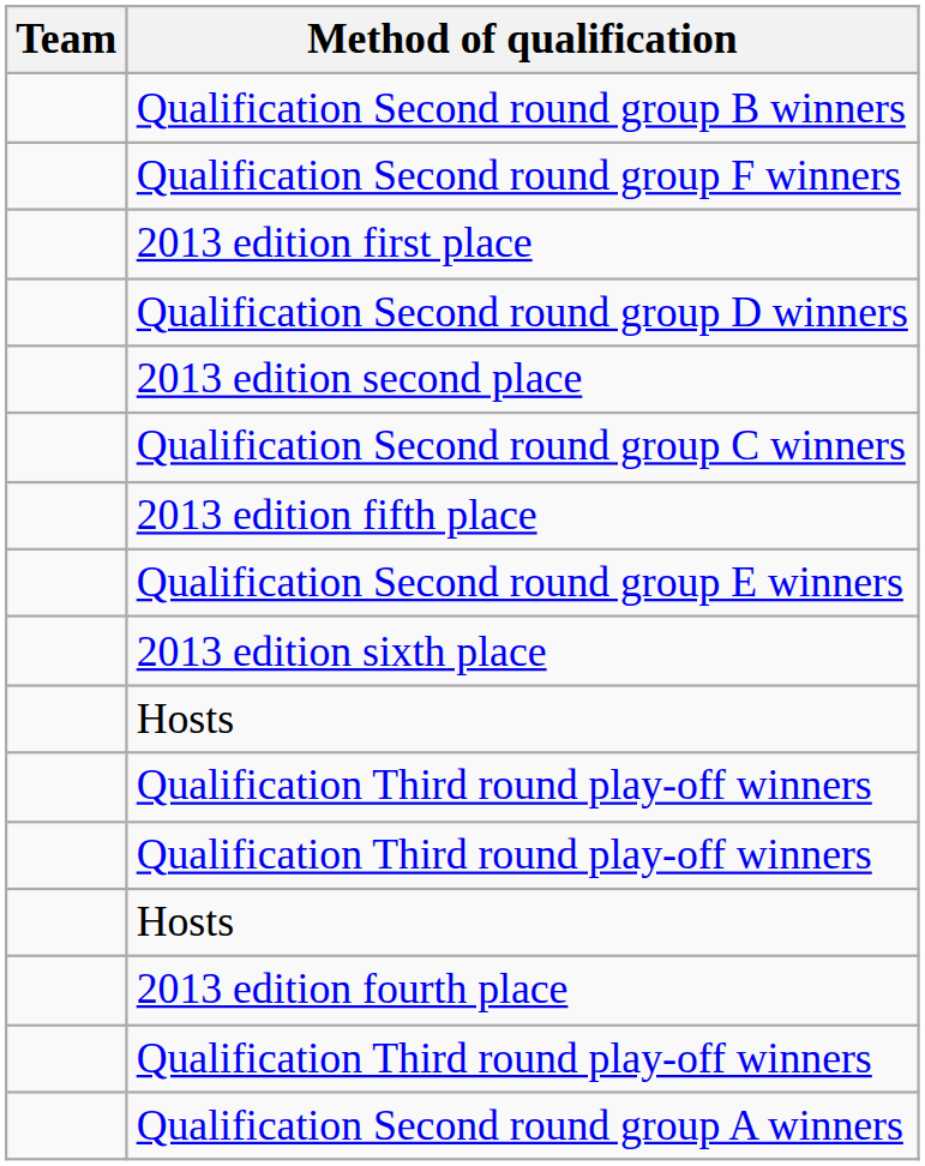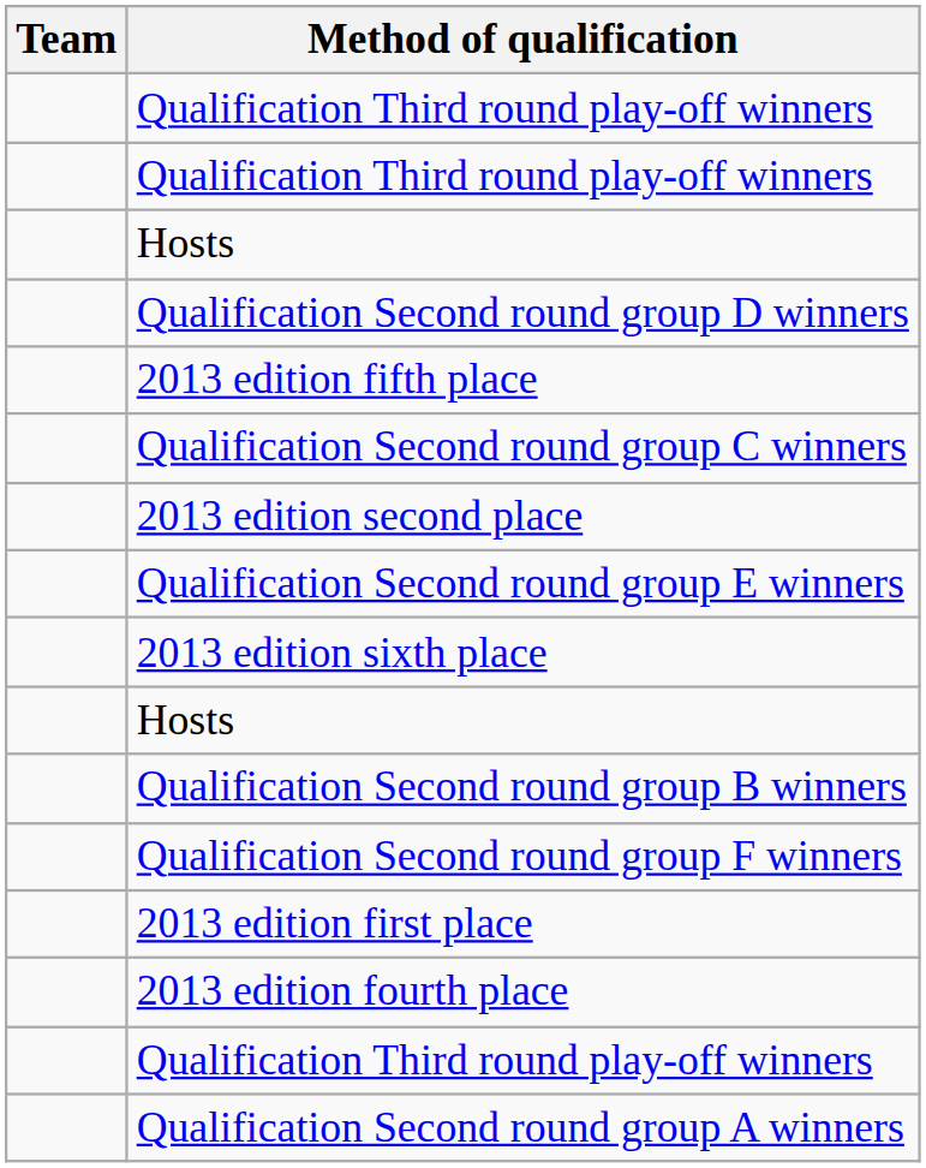 <table class="wikitable">
 <tr>
 <th>Team</th>
 <th>Method of qualification</th>
+</tr>
+<tr>
+<td></td>
+<td><a href='#'>Qualification Third round play-off winners</a></td>
+</tr>
+<tr>
+<td></td>
+<td><a href='#'>Qualification Third round play-off winners</a></td>
+</tr>
+<tr>
+<td></td>
+<td>Hosts</td>
+</tr>
+<tr>
+<td></td>
+<td><a href='#'>Qualification Second round group D winners</a></td>
+</tr>
+<tr>
+<td></td>
+<td><a href='#'>2013 edition fifth place</a></td>
+</tr>
+<tr>
+<td></td>
+<td><a href='#'>Qualification Second round group C winners</a></td>
+</tr>
+<tr>
+<td></td>
+<td><a href='#'>2013 edition second place</a></td>
+</tr>
+<tr>
+<td></td>
+<td><a href='#'>Qualification Second round group E winners</a></td>
+</tr>
+<tr>
+<td></td>
+<td><a href='#'>2013 edition sixth place</a></td>
+</tr>
+<tr>
+<td></td>
+<td>Hosts</td>
 </tr>
 <tr>
 <td></td>
 <td><a href='#'>Qualification Second round group B winners</a></td>
 </tr>
 <tr>
 <td></td>
 <td><a href='#'>Qualification Second round group F winners</a></td>
 </tr>
 <tr>
 <td></td>
 <td><a href='#'>2013 edition first place</a></td>
 </tr>
 <tr>
 <td></td>
-<td><a href='#'>Qualification Second round group D winners</a></td>
-</tr>
-<tr>
-<td></td>
-<td><a href='#'>2013 edition second place</a></td>
-</tr>
-<tr>
-<td></td>
-<td><a href='#'>Qualification Second round group C winners</a></td>
-</tr>
-<tr>
-<td></td>
-<td><a href='#'>2013 edition fifth place</a></td>
-</tr>
-<tr>
-<td></td>
-<td><a href='#'>Qualification Second round group E winners</a></td>
-</tr>
-<tr>
-<td></td>
-<td><a href='#'>2013 edition sixth place</a></td>
-</tr>
-<tr>
-<td></td>
-<td>Hosts</td>
-</tr>
-<tr>
-<td></td>
-<td><a href='#'>Qualification Third round play-off winners</a></td>
-</tr>
-<tr>
-<td></td>
-<td><a href='#'>Qualification Third round play-off winners</a></td>
-</tr>
-<tr>
-<td></td>
-<td>Hosts</td>
-</tr>
-<tr>
-<td></td>
 <td><a href='#'>2013 edition fourth place</a></td>
 </tr>
 <tr>
 <td></td>
 <td><a href='#'>Qualification Third round play-off winners</a></td>
 </tr>
 <tr>
 <td></td>
 <td><a href='#'>Qualification Second round group A winners</a></td>
 </tr>
 </table>
